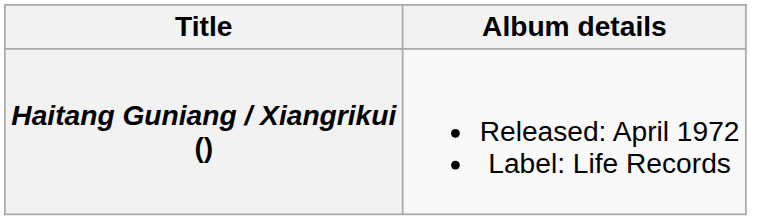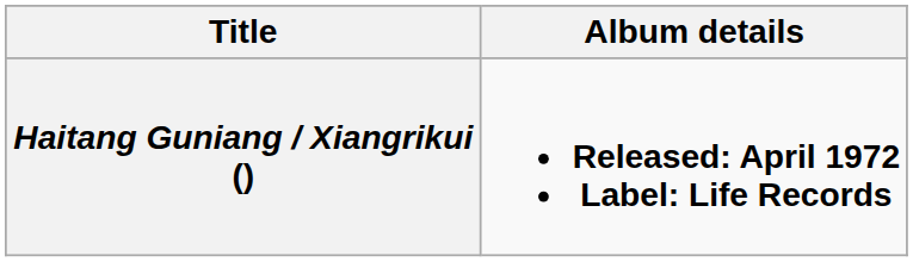 <table class="wikitable plainrowheaders" style="text-align:center;">
 <tr>
 <th scope="col">Title</th>
 <th scope="col">Album details</th>
 </tr>
 <tr>
 <th scope="row"><em>Haitang Guniang / Xiangrikui</em><br>()</th>
-<td><br><ul><li>Released: April 1972</li><li>Label: Life Records</li></ul></td>
+<td><strong><br><ul><li>Released: April 1972</li><li>Label: Life Records</li></ul></strong></td>
 </tr>
 </table>
